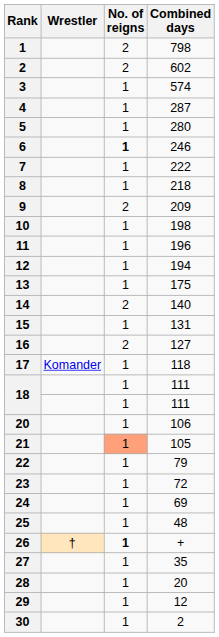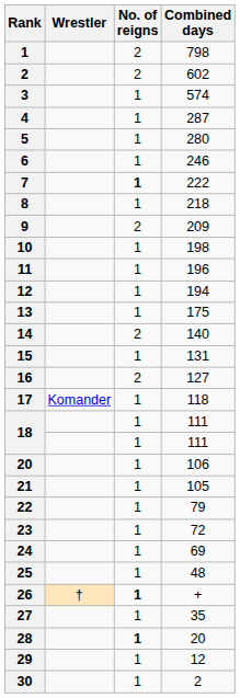 <table class="wikitable sortable" style="text-align: center">
 <tr>
 <th>Rank</th>
 <th>Wrestler</th>
 <th>No. of<br>reigns</th>
 <th>Combined<br>days</th>
 </tr>
 <tr>
 <th>1</th>
 <td></td>
 <td>2</td>
 <td>798</td>
 </tr>
 <tr>
 <th>2</th>
 <td></td>
 <td>2</td>
 <td>602</td>
 </tr>
 <tr>
 <th>3</th>
 <td></td>
 <td>1</td>
 <td>574</td>
 </tr>
 <tr>
 <th>4</th>
 <td></td>
 <td>1</td>
 <td>287</td>
 </tr>
 <tr>
 <th>5</th>
 <td></td>
 <td>1</td>
 <td>280</td>
 </tr>
 <tr>
 <th>6</th>
 <td></td>
-<td><strong>1</strong></td>
+<td>1</td>
 <td>246</td>
 </tr>
 <tr>
 <th>7</th>
 <td></td>
-<td>1</td>
+<td><strong>1</strong></td>
 <td>222</td>
 </tr>
 <tr>
 <th>8</th>
 <td></td>
 <td>1</td>
 <td>218</td>
 </tr>
 <tr>
 <th>9</th>
 <td></td>
 <td>2</td>
 <td>209</td>
 </tr>
 <tr>
 <th>10</th>
 <td></td>
 <td>1</td>
 <td>198</td>
 </tr>
 <tr>
 <th>11</th>
 <td></td>
 <td>1</td>
 <td>196</td>
 </tr>
 <tr>
 <th>12</th>
 <td></td>
 <td>1</td>
 <td>194</td>
 </tr>
 <tr>
 <th>13</th>
 <td></td>
 <td>1</td>
 <td>175</td>
 </tr>
 <tr>
 <th>14</th>
 <td></td>
 <td>2</td>
 <td>140</td>
 </tr>
 <tr>
 <th>15</th>
 <td></td>
 <td>1</td>
 <td>131</td>
 </tr>
 <tr>
 <th>16</th>
 <td></td>
 <td>2</td>
 <td>127</td>
 </tr>
 <tr>
 <th>17</th>
 <td><a href='#'>Komander</a></td>
 <td>1</td>
 <td>118</td>
 </tr>
 <tr>
 <th rowspan="2">18</th>
 <td></td>
 <td>1</td>
 <td>111</td>
 </tr>
 <tr>
 <td></td>
 <td>1</td>
 <td>111</td>
 </tr>
 <tr>
 <th>20</th>
 <td></td>
 <td>1</td>
 <td>106</td>
 </tr>
 <tr>
 <th>21</th>
 <td></td>
-<td style="background: lightsalmon;">1</td>
+<td>1</td>
 <td>105</td>
 </tr>
 <tr>
 <th>22</th>
 <td></td>
 <td>1</td>
 <td>79</td>
 </tr>
 <tr>
 <th>23</th>
 <td></td>
 <td>1</td>
 <td>72</td>
 </tr>
 <tr>
 <th>24</th>
 <td></td>
 <td>1</td>
 <td>69</td>
 </tr>
 <tr>
 <th>25</th>
 <td></td>
 <td>1</td>
 <td>48</td>
 </tr>
 <tr>
 <th>26</th>
 <td style="background:#ffe6bd;"> †</td>
 <td><strong>1</strong></td>
 <td>+</td>
 </tr>
 <tr>
 <th>27</th>
 <td></td>
 <td>1</td>
 <td>35</td>
 </tr>
 <tr>
 <th>28</th>
 <td></td>
-<td>1</td>
+<td><strong>1</strong></td>
 <td>20</td>
 </tr>
 <tr>
 <th>29</th>
 <td></td>
 <td>1</td>
 <td>12</td>
 </tr>
 <tr>
 <th>30</th>
 <td></td>
 <td>1</td>
 <td>2</td>
 </tr>
 </table>
